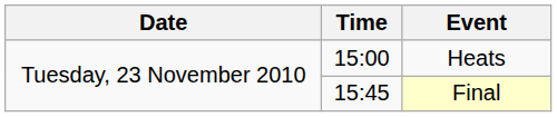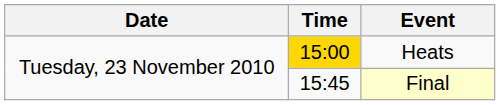 <table class = "wikitable" style="text-align:center;">
 <tr>
 <th width=220>Date</th>
 <th width=50>Time</th>
 <th width=100>Event</th>
 </tr>
 <tr>
 <td rowspan=2>Tuesday, 23 November 2010</td>
-<td>15:00</td>
+<td style="background: gold;">15:00</td>
 <td>Heats</td>
 </tr>
 <tr>
 <td>15:45</td>
 <td bgcolor=ffffcc>Final</td>
 </tr>
 </table>
